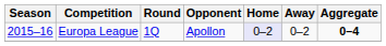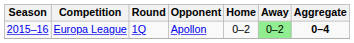 <table class="wikitable" style="text-align:left">
 <tr>
 <th>Season</th>
 <th>Competition</th>
 <th>Round</th>
 <th>Opponent</th>
 <th>Home</th>
 <th>Away</th>
 <th>Aggregate</th>
 </tr>
 <tr>
 <td><a href='#'>2015–16</a></td>
 <td><a href='#'>Europa League</a></td>
 <td><a href='#'>1Q</a></td>
 <td> <a href='#'>Apollon</a></td>
-<td style="background: lavender; text-align:center;">0–2</td>
 <td style="text-align:center;">0–2</td>
+<td style="background: lightgreen; text-align:center;">0–2</td>
 <td style="text-align:center;"><strong>0–4</strong></td>
 </tr>
 <tr>
 </tr>
 </table>
